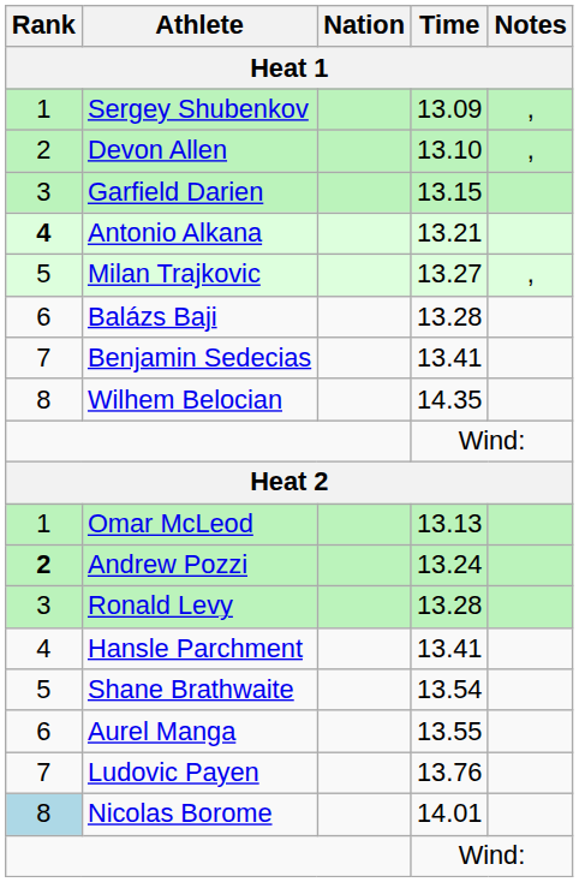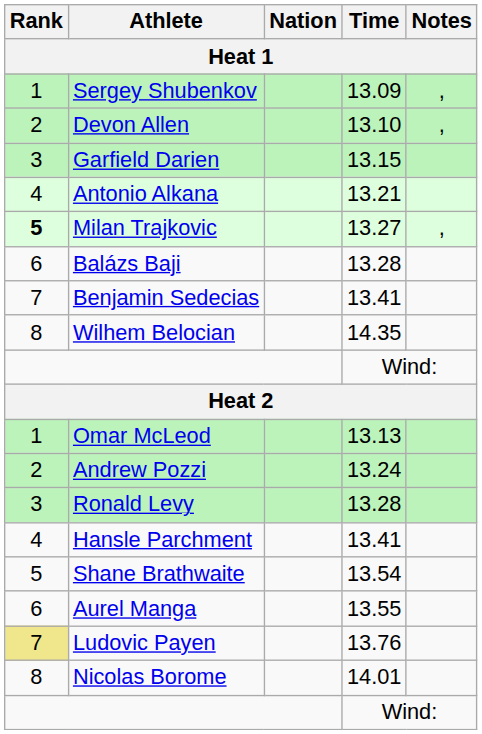 <table class="wikitable" style="text-align:center;">
 <tr>
 <th scope="col" style="width: 10px;">Rank</th>
 <th scope="col">Athlete</th>
 <th scope="col">Nation</th>
 <th scope="col">Time</th>
 <th scope="col">Notes</th>
 </tr>
 <tr>
 <th colspan="5" align="center">Heat 1</th>
 </tr>
 <tr bgcolor=#bbf3bb>
 <td>1</td>
 <td align=left><a href='#'>Sergey Shubenkov</a></td>
 <td align=left></td>
 <td>13.09</td>
 <td>, </td>
 </tr>
 <tr bgcolor=#bbf3bb>
 <td>2</td>
 <td align=left><a href='#'>Devon Allen</a></td>
 <td align=left></td>
 <td>13.10</td>
 <td>, </td>
 </tr>
 <tr bgcolor=#bbf3bb>
 <td>3</td>
 <td align=left><a href='#'>Garfield Darien</a></td>
 <td align=left></td>
 <td>13.15</td>
 <td></td>
 </tr>
 <tr bgcolor=#ddffdd>
-<td><strong>4</strong></td>
+<td>4</td>
 <td align=left><a href='#'>Antonio Alkana</a></td>
 <td align=left></td>
 <td>13.21</td>
 <td></td>
 </tr>
 <tr bgcolor=#ddffdd>
-<td>5</td>
+<td><strong>5</strong></td>
 <td align=left><a href='#'>Milan Trajkovic</a></td>
 <td align=left></td>
 <td>13.27</td>
 <td>, <strong></strong></td>
 </tr>
 <tr>
 <td>6</td>
 <td align=left><a href='#'>Balázs Baji</a></td>
 <td align=left></td>
 <td>13.28</td>
 <td></td>
 </tr>
 <tr>
 <td>7</td>
 <td align=left><a href='#'>Benjamin Sedecias</a></td>
 <td align=left></td>
 <td>13.41</td>
 <td></td>
 </tr>
 <tr>
 <td>8</td>
 <td align=left><a href='#'>Wilhem Belocian</a></td>
 <td align=left></td>
 <td>14.35</td>
 <td></td>
 </tr>
 <tr>
 <td colspan="3"></td>
 <td colspan="2">Wind: </td>
 </tr>
 <tr>
 <th align=center colspan=5>Heat 2</th>
 </tr>
 <tr bgcolor=#bbf3bb>
 <td>1</td>
 <td align=left><a href='#'>Omar McLeod</a></td>
 <td align=left></td>
 <td>13.13</td>
 <td></td>
 </tr>
 <tr bgcolor=#bbf3bb>
-<td><strong>2</strong></td>
+<td>2</td>
 <td align=left><a href='#'>Andrew Pozzi</a></td>
 <td align=left></td>
 <td>13.24</td>
 <td></td>
 </tr>
 <tr bgcolor=#bbf3bb>
 <td>3</td>
 <td align=left><a href='#'>Ronald Levy</a></td>
 <td align=left></td>
 <td>13.28</td>
 <td></td>
 </tr>
 <tr>
 <td>4</td>
 <td align=left><a href='#'>Hansle Parchment</a></td>
 <td align=left></td>
 <td>13.41</td>
 <td></td>
 </tr>
 <tr>
 <td>5</td>
 <td align=left><a href='#'>Shane Brathwaite</a></td>
 <td align=left></td>
 <td>13.54</td>
 <td></td>
 </tr>
 <tr>
 <td>6</td>
 <td align=left><a href='#'>Aurel Manga</a></td>
 <td align=left></td>
 <td>13.55</td>
 <td></td>
 </tr>
 <tr>
-<td>7</td>
+<td style="background: khaki;">7</td>
 <td align=left><a href='#'>Ludovic Payen</a></td>
 <td align=left></td>
 <td>13.76</td>
 <td></td>
 </tr>
 <tr>
-<td style="background: lightblue;">8</td>
+<td>8</td>
 <td align=left><a href='#'>Nicolas Borome</a></td>
 <td align=left></td>
 <td>14.01</td>
 <td></td>
 </tr>
 <tr class="sortbottom">
 <td colspan="3"></td>
 <td colspan="2">Wind: </td>
 </tr>
 </table>
